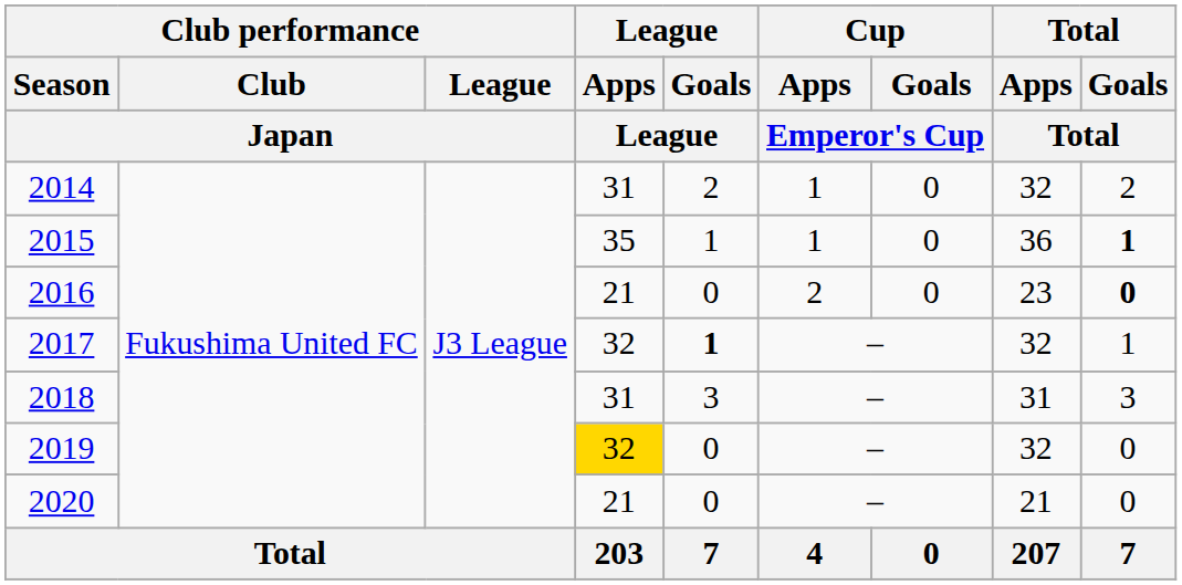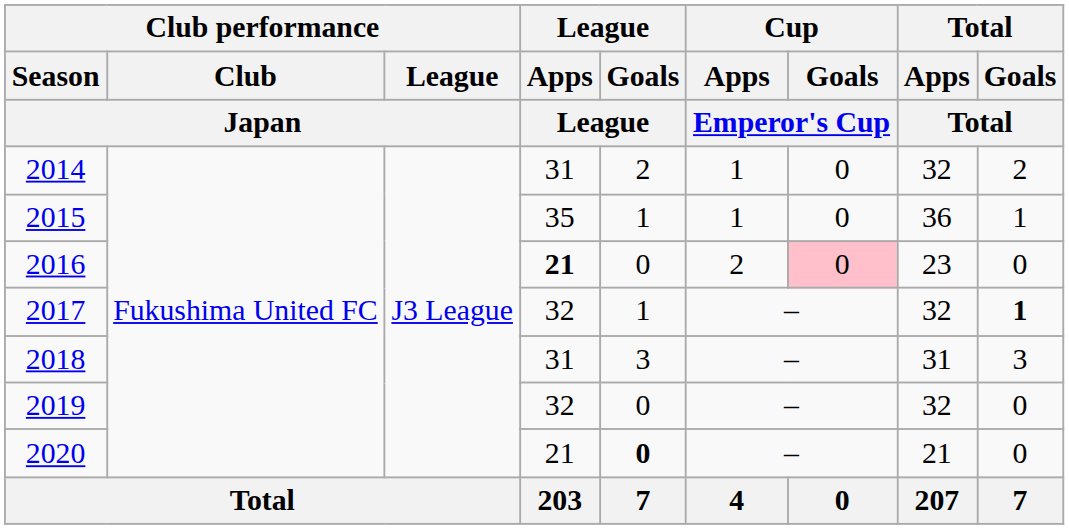 <table class="wikitable" style="text-align:center;">
 <tr>
 <th colspan=3>Club performance</th>
 <th colspan=2>League</th>
 <th colspan=2>Cup</th>
 <th colspan=2>Total</th>
 </tr>
 <tr>
 <th>Season</th>
 <th>Club</th>
 <th>League</th>
 <th>Apps</th>
 <th>Goals</th>
 <th>Apps</th>
 <th>Goals</th>
 <th>Apps</th>
 <th>Goals</th>
 </tr>
 <tr>
 <th colspan=3>Japan</th>
 <th colspan=2>League</th>
 <th colspan=2><a href='#'>Emperor's Cup</a></th>
 <th colspan=2>Total</th>
 </tr>
 <tr>
 <td><a href='#'>2014</a></td>
 <td rowspan="7"><a href='#'>Fukushima United FC</a></td>
 <td rowspan="7"><a href='#'>J3 League</a></td>
 <td>31</td>
 <td>2</td>
 <td>1</td>
 <td>0</td>
 <td>32</td>
 <td>2</td>
 </tr>
 <tr>
 <td><a href='#'>2015</a></td>
 <td>35</td>
 <td>1</td>
 <td>1</td>
 <td>0</td>
 <td>36</td>
-<td><strong>1</strong></td>
+<td>1</td>
 </tr>
 <tr>
 <td><a href='#'>2016</a></td>
-<td>21</td>
+<td><strong>21</strong></td>
 <td>0</td>
 <td>2</td>
+<td style="background: pink;">0</td>
+<td>23</td>
 <td>0</td>
-<td>23</td>
-<td><strong>0</strong></td>
 </tr>
 <tr>
 <td><a href='#'>2017</a></td>
 <td>32</td>
-<td><strong>1</strong></td>
+<td>1</td>
 <td colspan="2">–</td>
 <td>32</td>
-<td>1</td>
+<td><strong>1</strong></td>
 </tr>
 <tr>
 <td><a href='#'>2018</a></td>
 <td>31</td>
 <td>3</td>
 <td colspan="2">–</td>
 <td>31</td>
 <td>3</td>
 </tr>
 <tr>
 <td><a href='#'>2019</a></td>
-<td style="background: gold;">32</td>
+<td>32</td>
 <td>0</td>
 <td colspan="2">–</td>
 <td>32</td>
 <td>0</td>
 </tr>
 <tr>
 <td><a href='#'>2020</a></td>
 <td>21</td>
-<td>0</td>
+<td><strong>0</strong></td>
 <td colspan="2">–</td>
 <td>21</td>
 <td>0</td>
 </tr>
 <tr>
 <th colspan=3>Total</th>
 <th>203</th>
 <th>7</th>
 <th>4</th>
 <th>0</th>
 <th>207</th>
 <th>7</th>
 </tr>
 </table>
